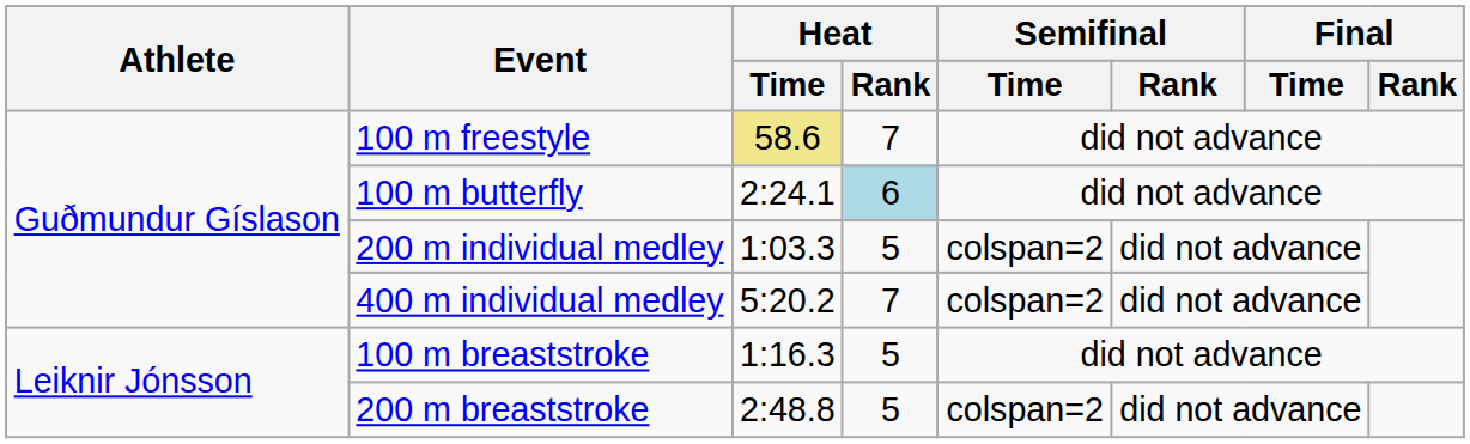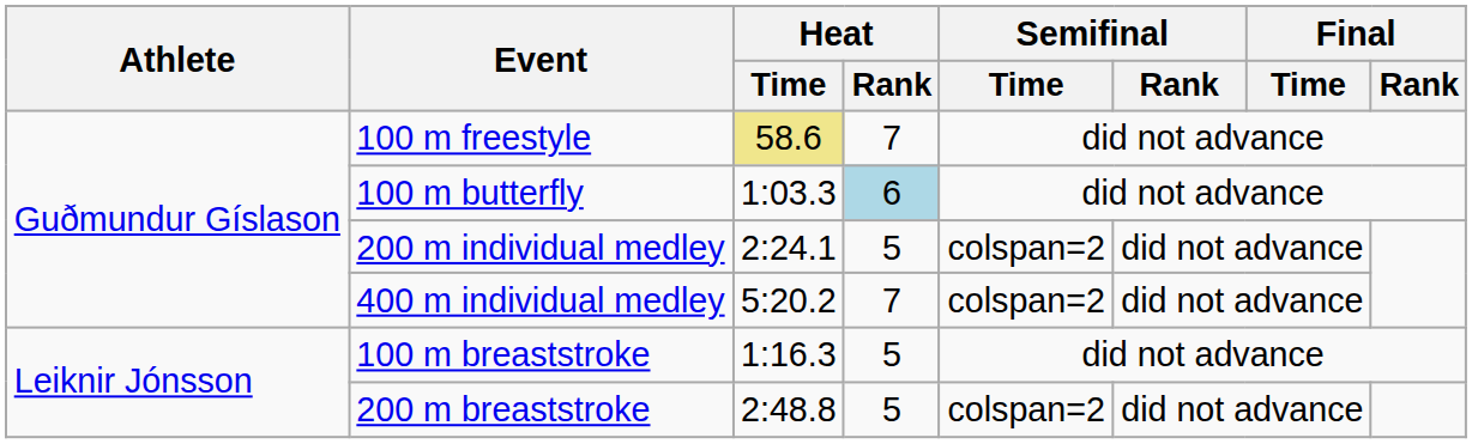 <table class=wikitable style="font-size:90%">
 <tr>
 <th rowspan="2">Athlete</th>
 <th rowspan="2">Event</th>
 <th colspan="2">Heat</th>
 <th colspan="2">Semifinal</th>
 <th colspan="2">Final</th>
 </tr>
 <tr style="font-size:95%">
 <th>Time</th>
 <th>Rank</th>
 <th>Time</th>
 <th>Rank</th>
 <th>Time</th>
 <th>Rank</th>
 </tr>
 <tr align=center>
 <td align=left rowspan=4><a href='#'>Guðmundur Gíslason</a></td>
 <td align=left><a href='#'>100 m freestyle</a></td>
 <td style="background: khaki;">58.6</td>
 <td>7</td>
 <td colspan=4>did not advance</td>
 </tr>
 <tr align=center>
 <td align=left><a href='#'>100 m butterfly</a></td>
-<td>2:24.1</td>
+<td>1:03.3</td>
 <td style="background: lightblue;">6</td>
 <td colspan=4>did not advance</td>
 </tr>
 <tr align=center>
 <td align=left><a href='#'>200 m individual medley</a></td>
-<td>1:03.3</td>
+<td>2:24.1</td>
 <td>5</td>
 <td>colspan=2 </td>
 <td colspan=2>did not advance</td>
 </tr>
 <tr align=center>
 <td align=left><a href='#'>400 m individual medley</a></td>
 <td>5:20.2</td>
 <td>7</td>
 <td>colspan=2 </td>
 <td colspan=2>did not advance</td>
 </tr>
 <tr align=center>
 <td align=left rowspan=2><a href='#'>Leiknir Jónsson</a></td>
 <td align=left><a href='#'>100 m breaststroke</a></td>
 <td>1:16.3</td>
 <td>5</td>
 <td colspan=4>did not advance</td>
 </tr>
 <tr align=center>
 <td align=left><a href='#'>200 m breaststroke</a></td>
 <td>2:48.8</td>
 <td>5</td>
 <td>colspan=2 </td>
 <td colspan=2>did not advance</td>
 </tr>
 </table>
